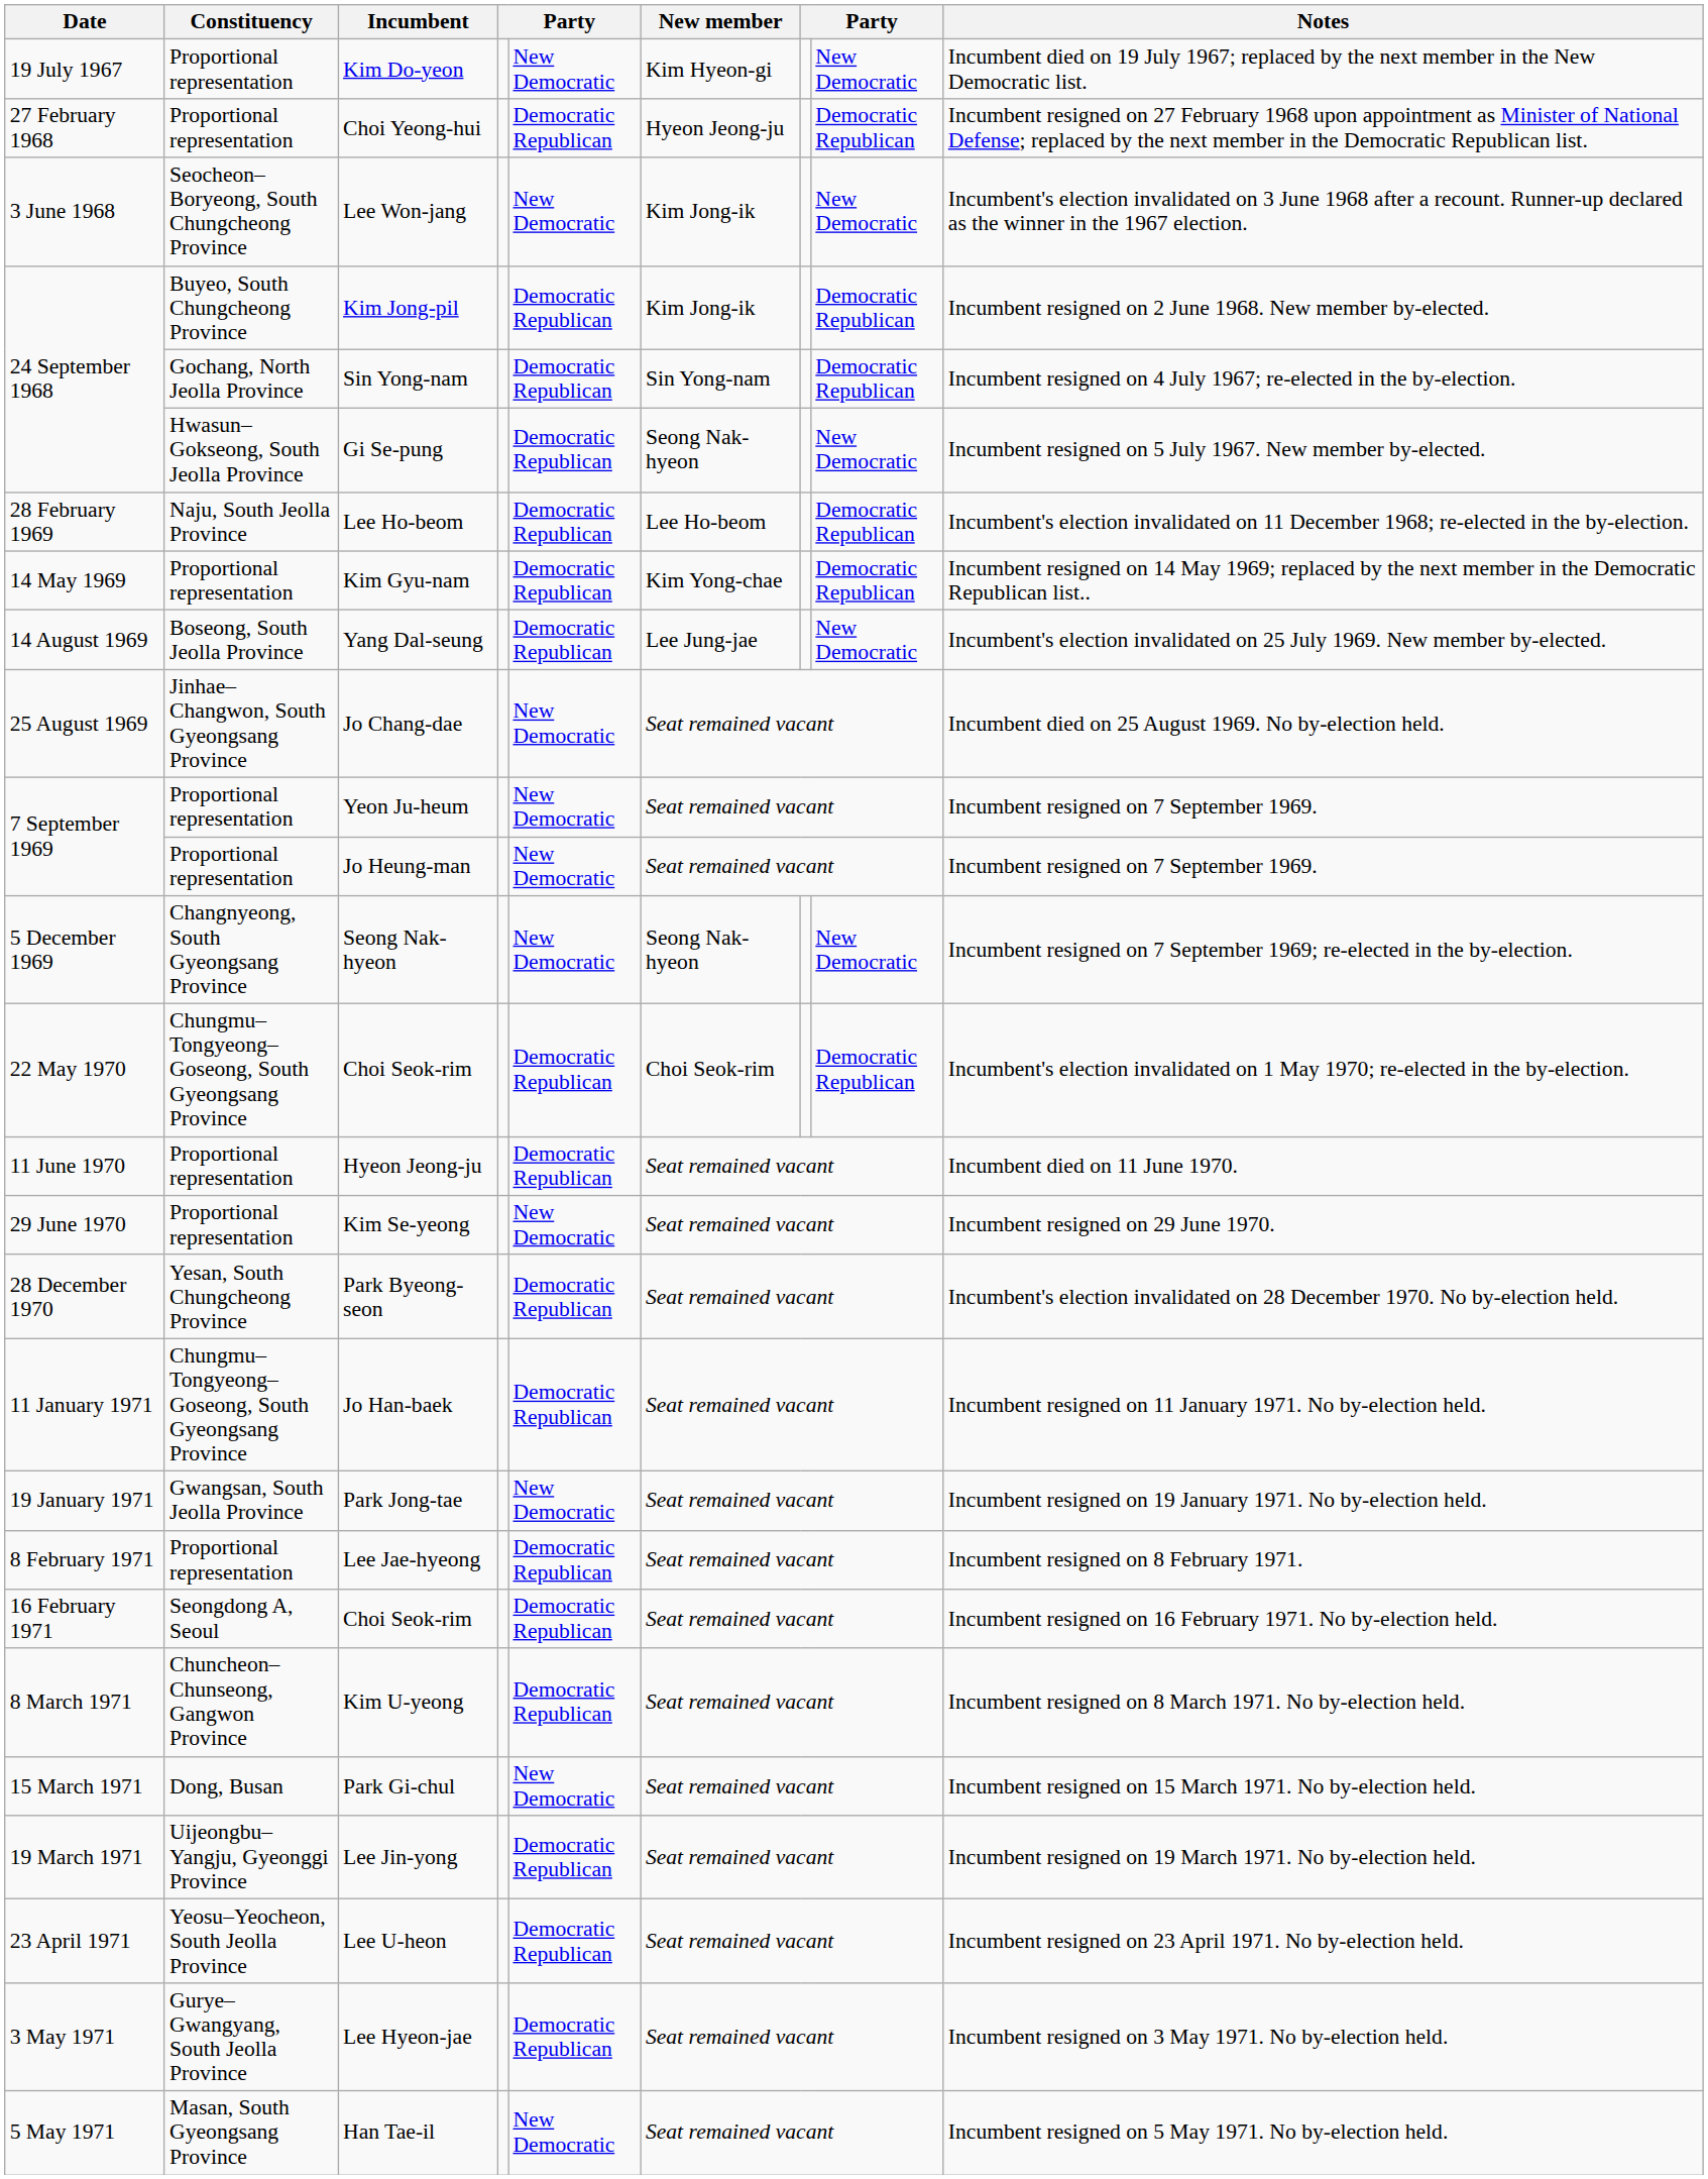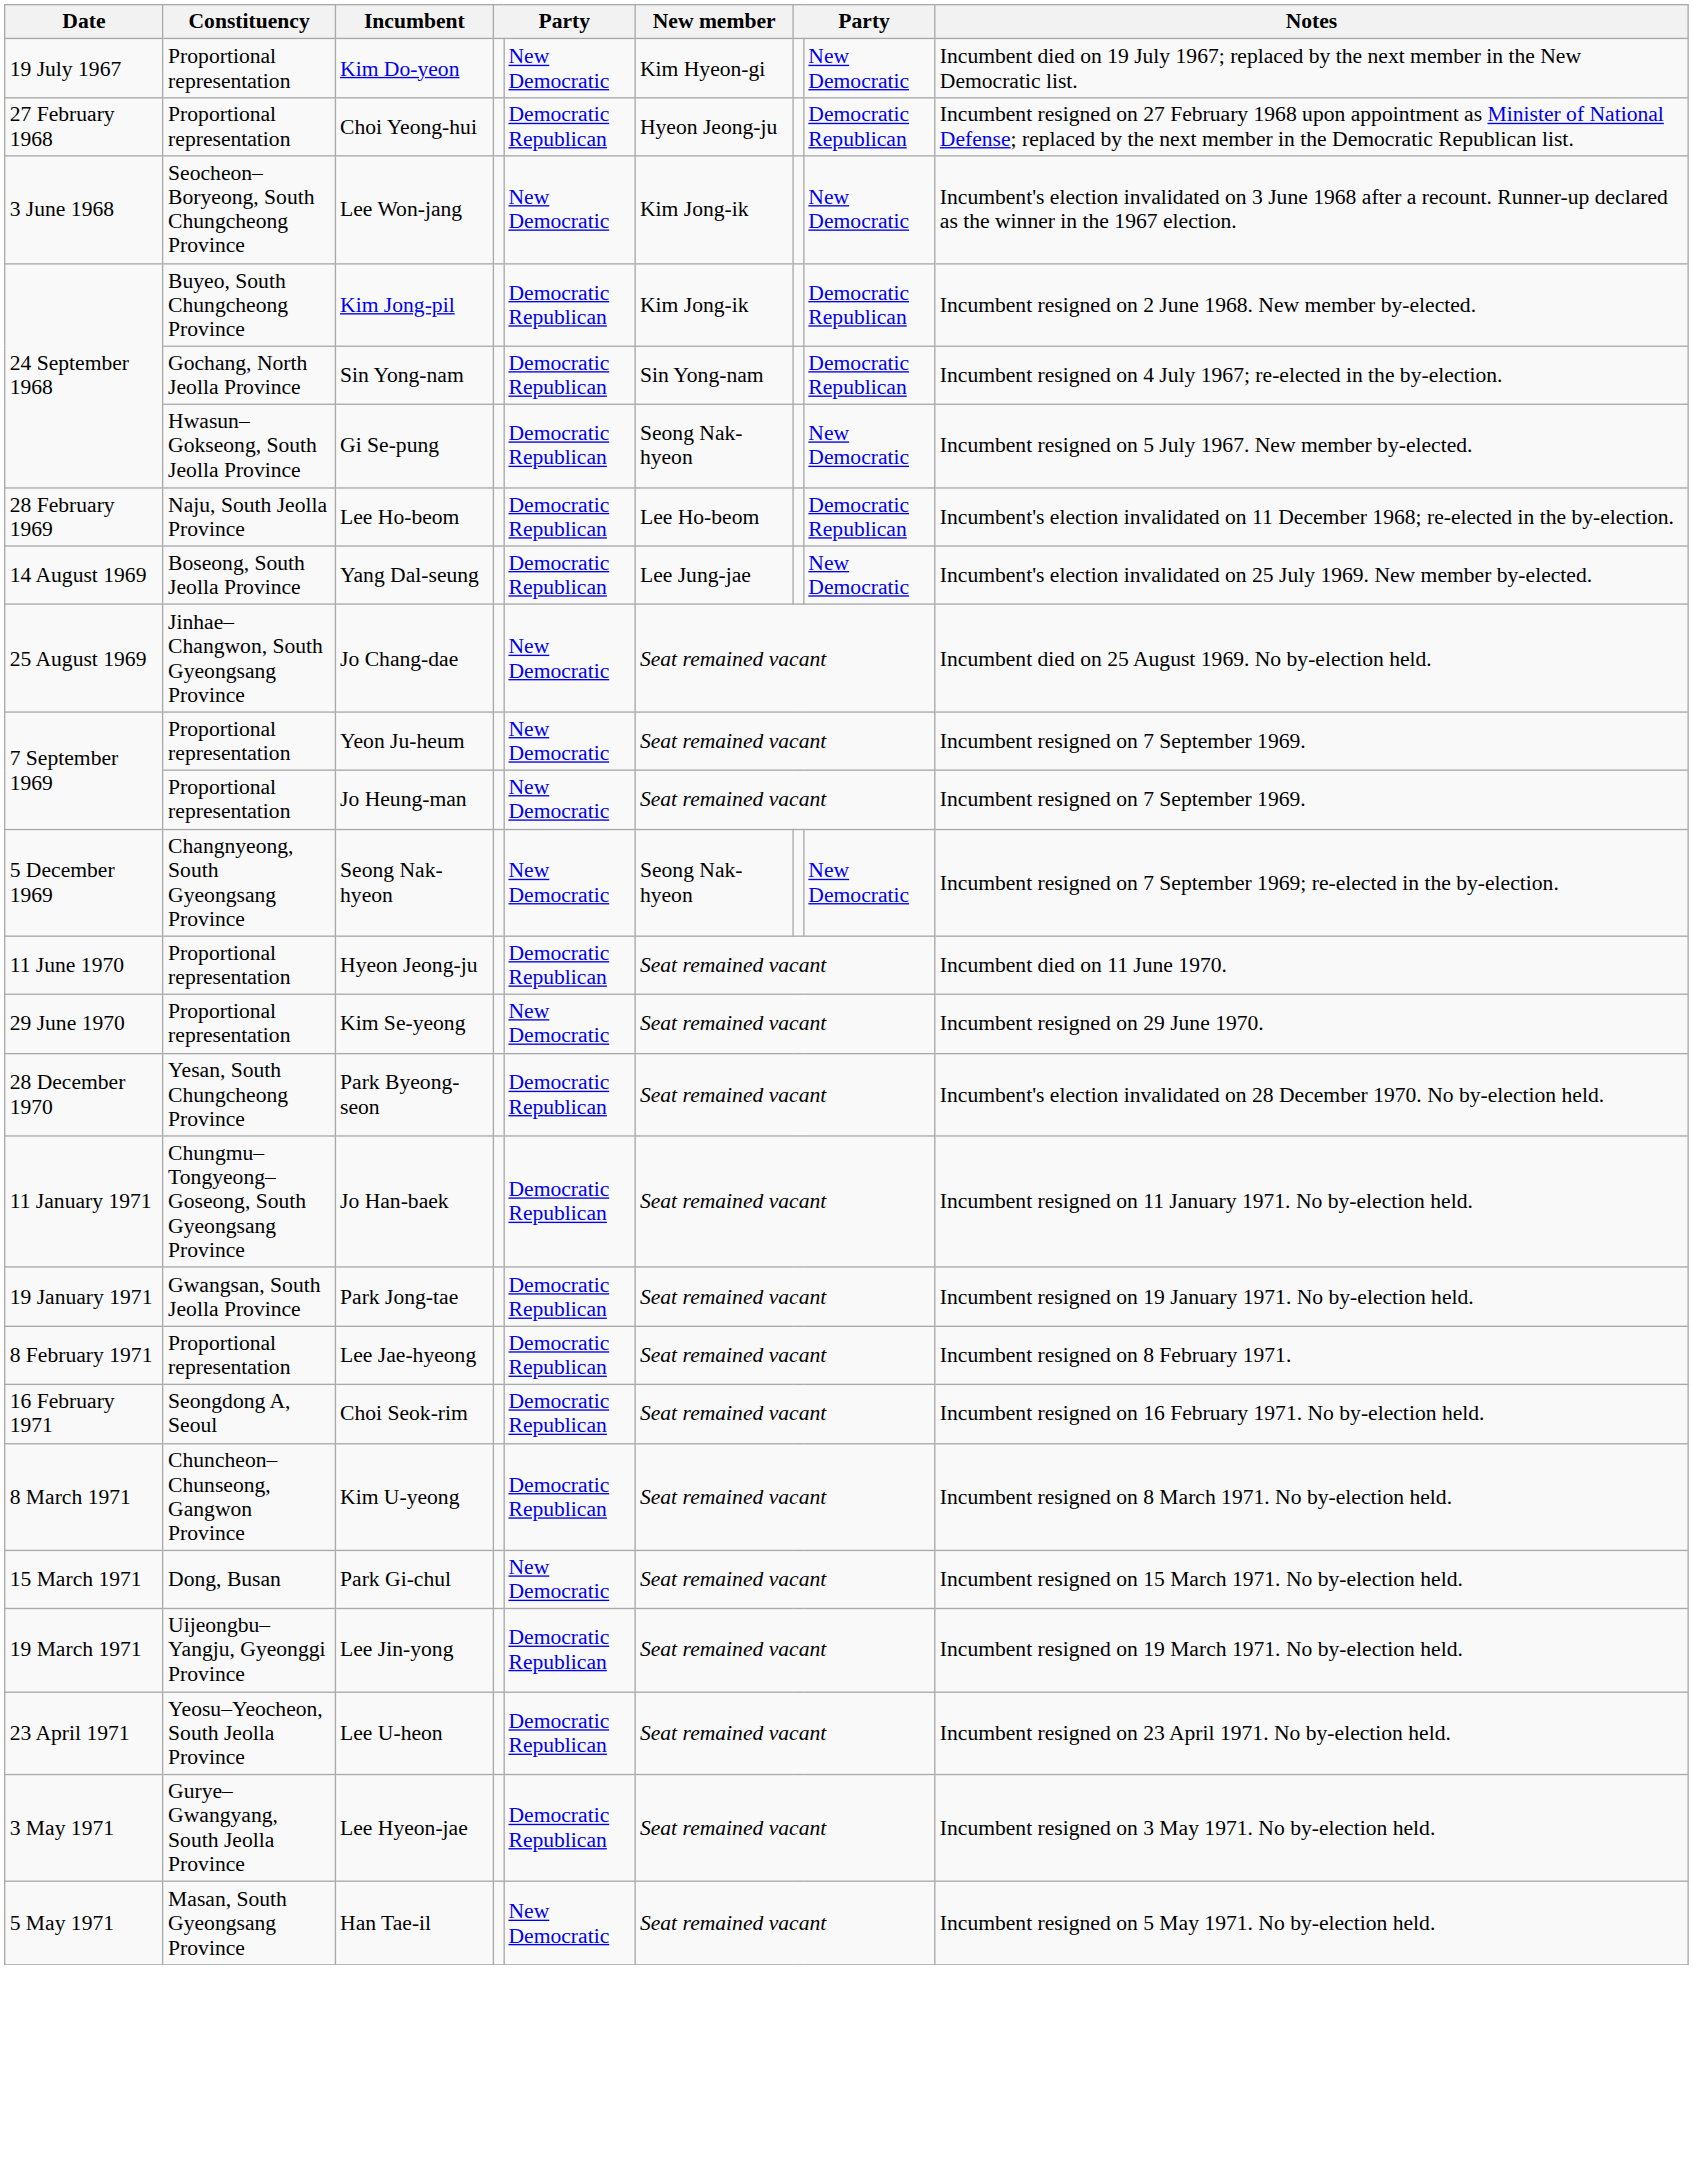 <table class="wikitable sortable plainrowheaders">
 <tr>
 <th width="110px">Date</th>
 <th width="120px">Constituency</th>
 <th width="110px">Incumbent</th>
 <th colspan="2">Party</th>
 <th width="110px">New member</th>
 <th colspan="2">Party</th>
 <th class="unsortable">Notes</th>
 </tr>
 <tr>
 <td>19 July 1967</td>
 <td>Proportional representation</td>
 <td><a href='#'>Kim Do-yeon</a></td>
 <td></td>
 <td width="90px"><a href='#'>New Democratic</a></td>
 <td>Kim Hyeon-gi</td>
 <td></td>
 <td width="90px"><a href='#'>New Democratic</a></td>
 <td>Incumbent died on 19 July 1967; replaced by the next member in the New Democratic list.</td>
 </tr>
 <tr>
 <td>27 February 1968</td>
 <td>Proportional representation</td>
 <td>Choi Yeong-hui</td>
 <td></td>
 <td><a href='#'>Democratic Republican</a></td>
 <td>Hyeon Jeong-ju</td>
 <td></td>
 <td><a href='#'>Democratic Republican</a></td>
 <td>Incumbent resigned on 27 February 1968 upon appointment as <a href='#'>Minister of National Defense</a>; replaced by the next member in the Democratic Republican list.</td>
 </tr>
 <tr>
 <td>3 June 1968</td>
 <td>Seocheon–Boryeong, South Chungcheong Province</td>
 <td>Lee Won-jang</td>
 <td></td>
 <td><a href='#'>New Democratic</a></td>
 <td>Kim Jong-ik</td>
 <td></td>
 <td><a href='#'>New Democratic</a></td>
 <td>Incumbent's election invalidated on 3 June 1968 after a recount. Runner-up declared as the winner in the 1967 election.</td>
 </tr>
 <tr>
 <td rowspan="3">24 September 1968</td>
 <td>Buyeo, South Chungcheong Province</td>
 <td><a href='#'>Kim Jong-pil</a></td>
 <td></td>
 <td><a href='#'>Democratic Republican</a></td>
 <td>Kim Jong-ik</td>
 <td></td>
 <td><a href='#'>Democratic Republican</a></td>
 <td>Incumbent resigned on 2 June 1968. New member by-elected.</td>
 </tr>
 <tr>
 <td>Gochang, North Jeolla Province</td>
 <td>Sin Yong-nam</td>
 <td></td>
 <td><a href='#'>Democratic Republican</a></td>
 <td>Sin Yong-nam</td>
 <td></td>
 <td><a href='#'>Democratic Republican</a></td>
 <td>Incumbent resigned on 4 July 1967; re-elected in the by-election.</td>
 </tr>
 <tr>
 <td>Hwasun–Gokseong, South Jeolla Province</td>
 <td>Gi Se-pung</td>
 <td></td>
 <td><a href='#'>Democratic Republican</a></td>
 <td>Seong Nak-hyeon</td>
 <td></td>
 <td><a href='#'>New Democratic</a></td>
 <td>Incumbent resigned on 5 July 1967. New member by-elected.</td>
 </tr>
 <tr>
 <td>28 February 1969</td>
 <td>Naju, South Jeolla Province</td>
 <td>Lee Ho-beom</td>
 <td></td>
 <td><a href='#'>Democratic Republican</a></td>
 <td>Lee Ho-beom</td>
 <td></td>
 <td><a href='#'>Democratic Republican</a></td>
 <td>Incumbent's election invalidated on 11 December 1968; re-elected in the by-election.</td>
 </tr>
 <tr>
-<td>14 May 1969</td>
-<td>Proportional representation</td>
-<td>Kim Gyu-nam</td>
-<td></td>
-<td><a href='#'>Democratic Republican</a></td>
-<td>Kim Yong-chae</td>
-<td></td>
-<td><a href='#'>Democratic Republican</a></td>
-<td>Incumbent resigned on 14 May 1969; replaced by the next member in the Democratic Republican list..</td>
-</tr>
-<tr>
 <td>14 August 1969</td>
 <td>Boseong, South Jeolla Province</td>
 <td>Yang Dal-seung</td>
 <td></td>
 <td><a href='#'>Democratic Republican</a></td>
 <td>Lee Jung-jae</td>
 <td></td>
 <td><a href='#'>New Democratic</a></td>
 <td>Incumbent's election invalidated on 25 July 1969. New member by-elected.</td>
 </tr>
 <tr>
 <td>25 August 1969</td>
 <td>Jinhae–Changwon, South Gyeongsang Province</td>
 <td>Jo Chang-dae</td>
 <td></td>
 <td><a href='#'>New Democratic</a></td>
 <td colspan="3"><em>Seat remained vacant</em></td>
 <td>Incumbent died on 25 August 1969. No by-election held.</td>
 </tr>
 <tr>
 <td rowspan="2">7 September 1969</td>
 <td>Proportional representation</td>
 <td>Yeon Ju-heum</td>
 <td></td>
 <td><a href='#'>New Democratic</a></td>
 <td colspan="3"><em>Seat remained vacant</em></td>
 <td>Incumbent resigned on 7 September 1969.</td>
 </tr>
 <tr>
 <td>Proportional representation</td>
 <td>Jo Heung-man</td>
 <td></td>
 <td><a href='#'>New Democratic</a></td>
 <td colspan="3"><em>Seat remained vacant</em></td>
 <td>Incumbent resigned on 7 September 1969.</td>
 </tr>
 <tr>
 <td>5 December 1969</td>
 <td>Changnyeong, South Gyeongsang Province</td>
 <td>Seong Nak-hyeon</td>
 <td></td>
 <td><a href='#'>New Democratic</a></td>
 <td>Seong Nak-hyeon</td>
 <td></td>
 <td><a href='#'>New Democratic</a></td>
 <td>Incumbent resigned on 7 September 1969; re-elected in the by-election.</td>
 </tr>
 <tr>
-<td>22 May 1970</td>
-<td>Chungmu–Tongyeong–Goseong, South Gyeongsang Province</td>
-<td>Choi Seok-rim</td>
-<td></td>
-<td><a href='#'>Democratic Republican</a></td>
-<td>Choi Seok-rim</td>
-<td></td>
-<td><a href='#'>Democratic Republican</a></td>
-<td>Incumbent's election invalidated on 1 May 1970; re-elected in the by-election.</td>
-</tr>
-<tr>
 <td>11 June 1970</td>
 <td>Proportional representation</td>
 <td>Hyeon Jeong-ju</td>
 <td></td>
 <td><a href='#'>Democratic Republican</a></td>
 <td colspan="3"><em>Seat remained vacant</em></td>
 <td>Incumbent died on 11 June 1970.</td>
 </tr>
 <tr>
 <td>29 June 1970</td>
 <td>Proportional representation</td>
 <td>Kim Se-yeong</td>
 <td></td>
 <td><a href='#'>New Democratic</a></td>
 <td colspan="3"><em>Seat remained vacant</em></td>
 <td>Incumbent resigned on 29 June 1970.</td>
 </tr>
 <tr>
 <td>28 December 1970</td>
 <td>Yesan, South Chungcheong Province</td>
 <td>Park Byeong-seon</td>
 <td></td>
 <td><a href='#'>Democratic Republican</a></td>
 <td colspan="3"><em>Seat remained vacant</em></td>
 <td>Incumbent's election invalidated on 28 December 1970. No by-election held.</td>
 </tr>
 <tr>
 <td>11 January 1971</td>
 <td>Chungmu–Tongyeong–Goseong, South Gyeongsang Province</td>
 <td>Jo Han-baek</td>
 <td></td>
 <td><a href='#'>Democratic Republican</a></td>
 <td colspan="3"><em>Seat remained vacant</em></td>
 <td>Incumbent resigned on 11 January 1971. No by-election held.</td>
 </tr>
 <tr>
 <td>19 January 1971</td>
 <td>Gwangsan, South Jeolla Province</td>
 <td>Park Jong-tae</td>
 <td></td>
-<td width="90px"><a href='#'>New Democratic</a></td>
+<td><a href='#'>Democratic Republican</a></td>
 <td colspan="3"><em>Seat remained vacant</em></td>
 <td>Incumbent resigned on 19 January 1971. No by-election held.</td>
 </tr>
 <tr>
 <td>8 February 1971</td>
 <td>Proportional representation</td>
 <td>Lee Jae-hyeong</td>
 <td></td>
 <td><a href='#'>Democratic Republican</a></td>
 <td colspan="3"><em>Seat remained vacant</em></td>
 <td>Incumbent resigned on 8 February 1971.</td>
 </tr>
 <tr>
 <td>16 February 1971</td>
 <td>Seongdong A, Seoul</td>
 <td>Choi Seok-rim</td>
 <td></td>
 <td><a href='#'>Democratic Republican</a></td>
 <td colspan="3"><em>Seat remained vacant</em></td>
 <td>Incumbent resigned on 16 February 1971. No by-election held.</td>
 </tr>
 <tr>
 <td>8 March 1971</td>
 <td>Chuncheon–Chunseong, Gangwon Province</td>
 <td>Kim U-yeong</td>
 <td></td>
 <td><a href='#'>Democratic Republican</a></td>
 <td colspan="3"><em>Seat remained vacant</em></td>
 <td>Incumbent resigned on 8 March 1971. No by-election held.</td>
 </tr>
 <tr>
 <td>15 March 1971</td>
 <td>Dong, Busan</td>
 <td>Park Gi-chul</td>
 <td></td>
 <td><a href='#'>New Democratic</a></td>
 <td colspan="3"><em>Seat remained vacant</em></td>
 <td>Incumbent resigned on 15 March 1971. No by-election held.</td>
 </tr>
 <tr>
 <td>19 March 1971</td>
 <td>Uijeongbu–Yangju, Gyeonggi Province</td>
 <td>Lee Jin-yong</td>
 <td></td>
 <td><a href='#'>Democratic Republican</a></td>
 <td colspan="3"><em>Seat remained vacant</em></td>
 <td>Incumbent resigned on 19 March 1971. No by-election held.</td>
 </tr>
 <tr>
 <td>23 April 1971</td>
 <td>Yeosu–Yeocheon, South Jeolla Province</td>
 <td>Lee U-heon</td>
 <td></td>
 <td><a href='#'>Democratic Republican</a></td>
 <td colspan="3"><em>Seat remained vacant</em></td>
 <td>Incumbent resigned on 23 April 1971. No by-election held.</td>
 </tr>
 <tr>
 <td>3 May 1971</td>
 <td>Gurye–Gwangyang, South Jeolla Province</td>
 <td>Lee Hyeon-jae</td>
 <td></td>
 <td><a href='#'>Democratic Republican</a></td>
 <td colspan="3"><em>Seat remained vacant</em></td>
 <td>Incumbent resigned on 3 May 1971. No by-election held.</td>
 </tr>
 <tr>
 <td>5 May 1971</td>
 <td>Masan, South Gyeongsang Province</td>
 <td>Han Tae-il</td>
 <td></td>
 <td><a href='#'>New Democratic</a></td>
 <td colspan="3"><em>Seat remained vacant</em></td>
 <td>Incumbent resigned on 5 May 1971. No by-election held.</td>
 </tr>
 </table>
